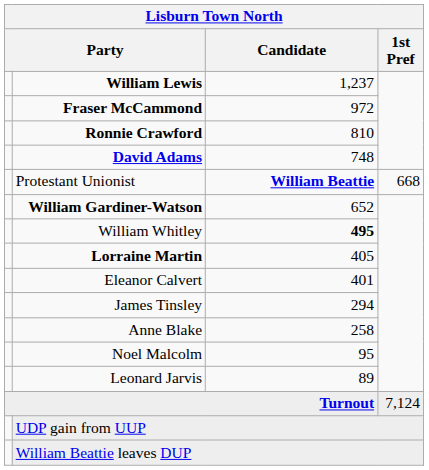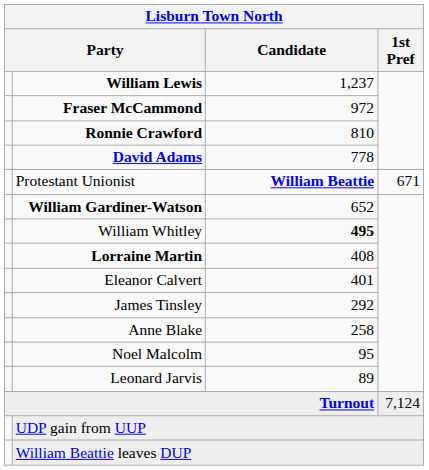 <table class="wikitable">
 <tr>
 <th colspan="4" align="center"><a href='#'>Lisburn Town North</a></th>
 </tr>
 <tr>
 <th colspan="2" align="center" width=200>Party</th>
 <th width=170>Candidate</th>
 <th width=40>1st Pref</th>
 </tr>
 <tr>
 <td></td>
 <td align="right"><strong>William Lewis</strong></td>
 <td align="right">1,237</td>
 </tr>
 <tr>
 <td></td>
 <td align="right"><strong>Fraser McCammond</strong></td>
 <td align="right">972</td>
 </tr>
 <tr>
 <td></td>
 <td align="right"><strong>Ronnie Crawford</strong></td>
 <td align="right">810</td>
 </tr>
 <tr>
 <td></td>
 <td align="right"><strong><a href='#'>David Adams</a></strong></td>
-<td align="right">748</td>
+<td align="right">778</td>
 </tr>
 <tr>
 <td style="color:inherit;background-color: "></td>
 <td>Protestant Unionist</td>
 <td align="right"><strong><a href='#'>William Beattie</a></strong></td>
-<td align="right">668</td>
+<td align="right">671</td>
 </tr>
 <tr>
 <td></td>
 <td align="right"><strong>William Gardiner-Watson</strong></td>
 <td align="right">652</td>
 </tr>
 <tr>
 <td></td>
 <td align="right">William Whitley</td>
 <td align="right"><strong>495</strong></td>
 </tr>
 <tr>
 <td></td>
 <td align="right"><strong>Lorraine Martin</strong></td>
-<td align="right">405</td>
+<td align="right">408</td>
 </tr>
 <tr>
 <td></td>
 <td align="right">Eleanor Calvert</td>
 <td align="right">401</td>
 </tr>
 <tr>
 <td></td>
 <td align="right">James Tinsley</td>
-<td align="right">294</td>
+<td align="right">292</td>
 </tr>
 <tr>
 <td></td>
 <td align="right">Anne Blake</td>
 <td align="right">258</td>
 </tr>
 <tr>
 <td></td>
 <td align="right">Noel Malcolm</td>
 <td align="right">95</td>
 </tr>
 <tr>
 <td></td>
 <td align="right">Leonard Jarvis</td>
 <td align="right">89</td>
 </tr>
 <tr bgcolor="EEEEEE">
 <td colspan=3 align="right"><strong><a href='#'>Turnout</a></strong></td>
 <td align="right">7,124</td>
 </tr>
 <tr>
 <td bgcolor=></td>
 <td colspan=3 bgcolor="EEEEEE"><a href='#'>UDP</a> gain from <a href='#'>UUP</a></td>
 </tr>
 <tr>
 <td bgcolor=></td>
 <td colspan=3 bgcolor="EEEEEE"><a href='#'>William Beattie</a> leaves <a href='#'>DUP</a></td>
 </tr>
 </table>
